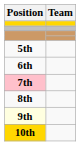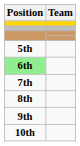 <table class="wikitable" style="text-align: center;">
 <tr>
 <th>Position</th>
 <th>Team</th>
 </tr>
 <tr style="background:gold;">
 <td><strong></strong></td>
 <td align=left></td>
 </tr>
 <tr style="background:silver;">
 <td><strong></strong></td>
 <td align=left></td>
 </tr>
 <tr style="background:#c96;">
 <td rowspan=2><strong></strong></td>
 <td align=left></td>
 </tr>
 <tr style="background:#c96;">
 <td align=left></td>
 </tr>
 <tr>
 <td><strong>5th</strong></td>
 <td align=left></td>
 </tr>
 <tr>
-<td><strong>6th</strong></td>
+<td style="background: lightgreen;"><strong>6th</strong></td>
 <td align=left></td>
 </tr>
 <tr>
-<td style="background: pink;"><strong>7th</strong></td>
+<td><strong>7th</strong></td>
 <td align=left></td>
 </tr>
 <tr>
 <td><strong>8th</strong></td>
 <td align=left></td>
 </tr>
 <tr>
-<td style="background: lightyellow;"><strong>9th</strong></td>
+<td><strong>9th</strong></td>
 <td align=left></td>
 </tr>
 <tr>
-<td style="background: gold;"><strong>10th</strong></td>
+<td><strong>10th</strong></td>
 <td align=left></td>
 </tr>
 </table>
